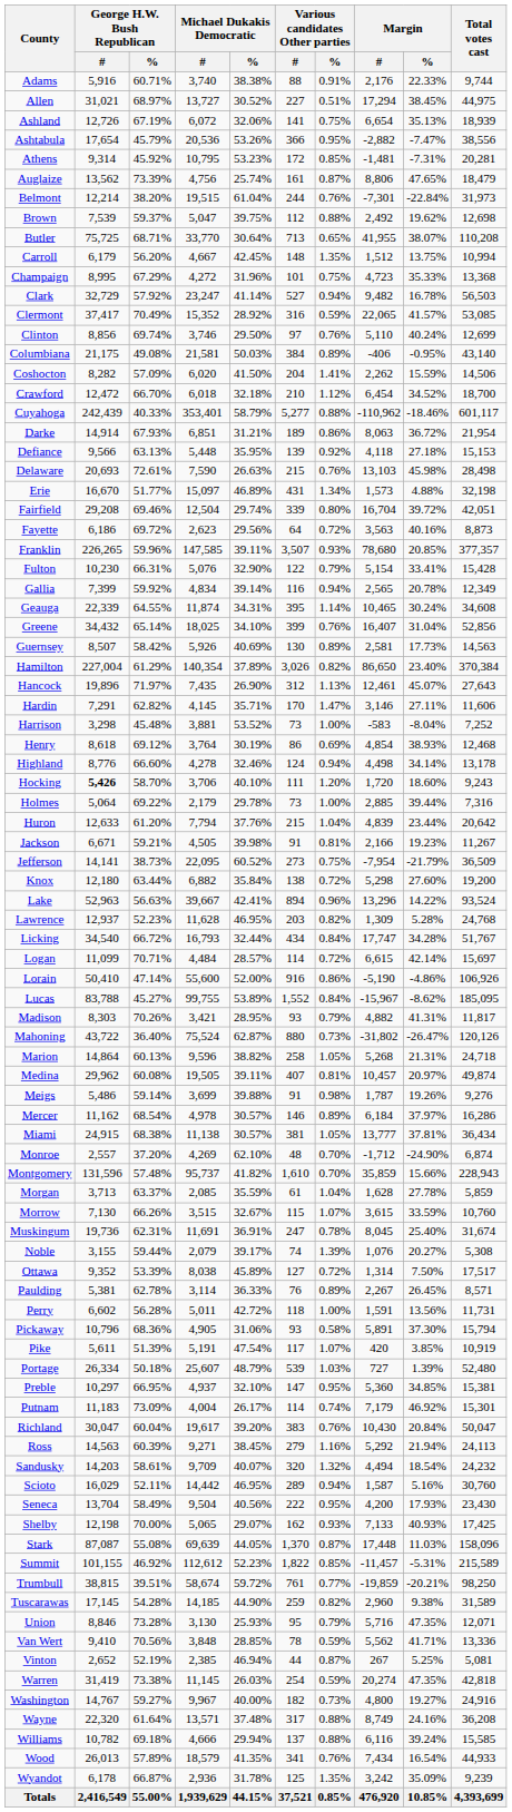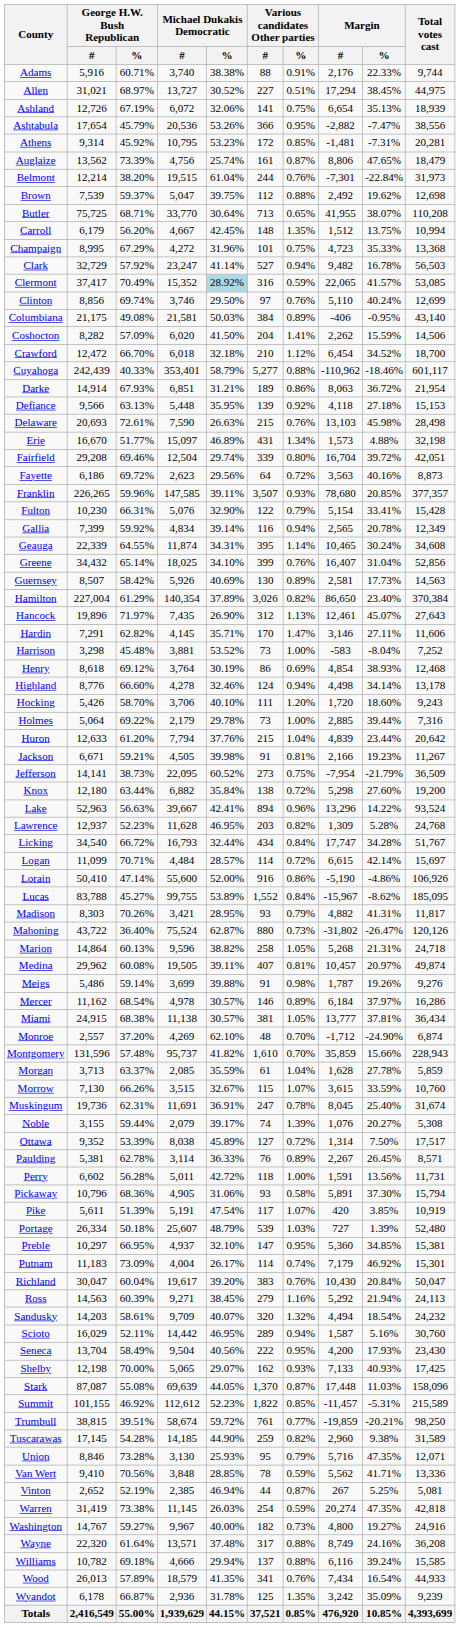 <table width="65%"  class="wikitable sortable" style="text-align:center">
 <tr>
 <th style="text-align:center;" rowspan="2">County</th>
 <th style="text-align:center;" colspan="2">George H.W. Bush<br>Republican</th>
 <th style="text-align:center;" colspan="2">Michael Dukakis<br>Democratic</th>
 <th style="text-align:center;" colspan="2">Various candidates<br>Other parties</th>
 <th style="text-align:center;" colspan="2">Margin</th>
 <th style="text-align:center;" rowspan="2">Total votes cast</th>
 </tr>
 <tr>
 <th style="text-align:center;" data-sort-type="number">#</th>
 <th style="text-align:center;" data-sort-type="number">%</th>
 <th style="text-align:center;" data-sort-type="number">#</th>
 <th style="text-align:center;" data-sort-type="number">%</th>
 <th style="text-align:center;" data-sort-type="number">#</th>
 <th style="text-align:center;" data-sort-type="number">%</th>
 <th style="text-align:center;" data-sort-type="number">#</th>
 <th style="text-align:center;" data-sort-type="number">%</th>
 </tr>
 <tr style="text-align:center;">
 <td><a href='#'>Adams</a></td>
 <td>5,916</td>
 <td>60.71%</td>
 <td>3,740</td>
 <td>38.38%</td>
 <td>88</td>
 <td>0.91%</td>
 <td>2,176</td>
 <td>22.33%</td>
 <td>9,744</td>
 </tr>
 <tr style="text-align:center;">
 <td><a href='#'>Allen</a></td>
 <td>31,021</td>
 <td>68.97%</td>
 <td>13,727</td>
 <td>30.52%</td>
 <td>227</td>
 <td>0.51%</td>
 <td>17,294</td>
 <td>38.45%</td>
 <td>44,975</td>
 </tr>
 <tr style="text-align:center;">
 <td><a href='#'>Ashland</a></td>
 <td>12,726</td>
 <td>67.19%</td>
 <td>6,072</td>
 <td>32.06%</td>
 <td>141</td>
 <td>0.75%</td>
 <td>6,654</td>
 <td>35.13%</td>
 <td>18,939</td>
 </tr>
 <tr style="text-align:center;">
 <td><a href='#'>Ashtabula</a></td>
 <td>17,654</td>
 <td>45.79%</td>
 <td>20,536</td>
 <td>53.26%</td>
 <td>366</td>
 <td>0.95%</td>
 <td>-2,882</td>
 <td>-7.47%</td>
 <td>38,556</td>
 </tr>
 <tr style="text-align:center;">
 <td><a href='#'>Athens</a></td>
 <td>9,314</td>
 <td>45.92%</td>
 <td>10,795</td>
 <td>53.23%</td>
 <td>172</td>
 <td>0.85%</td>
 <td>-1,481</td>
 <td>-7.31%</td>
 <td>20,281</td>
 </tr>
 <tr style="text-align:center;">
 <td><a href='#'>Auglaize</a></td>
 <td>13,562</td>
 <td>73.39%</td>
 <td>4,756</td>
 <td>25.74%</td>
 <td>161</td>
 <td>0.87%</td>
 <td>8,806</td>
 <td>47.65%</td>
 <td>18,479</td>
 </tr>
 <tr style="text-align:center;">
 <td><a href='#'>Belmont</a></td>
 <td>12,214</td>
 <td>38.20%</td>
 <td>19,515</td>
 <td>61.04%</td>
 <td>244</td>
 <td>0.76%</td>
 <td>-7,301</td>
 <td>-22.84%</td>
 <td>31,973</td>
 </tr>
 <tr style="text-align:center;">
 <td><a href='#'>Brown</a></td>
 <td>7,539</td>
 <td>59.37%</td>
 <td>5,047</td>
 <td>39.75%</td>
 <td>112</td>
 <td>0.88%</td>
 <td>2,492</td>
 <td>19.62%</td>
 <td>12,698</td>
 </tr>
 <tr style="text-align:center;">
 <td><a href='#'>Butler</a></td>
 <td>75,725</td>
 <td>68.71%</td>
 <td>33,770</td>
 <td>30.64%</td>
 <td>713</td>
 <td>0.65%</td>
 <td>41,955</td>
 <td>38.07%</td>
 <td>110,208</td>
 </tr>
 <tr style="text-align:center;">
 <td><a href='#'>Carroll</a></td>
 <td>6,179</td>
 <td>56.20%</td>
 <td>4,667</td>
 <td>42.45%</td>
 <td>148</td>
 <td>1.35%</td>
 <td>1,512</td>
 <td>13.75%</td>
 <td>10,994</td>
 </tr>
 <tr style="text-align:center;">
 <td><a href='#'>Champaign</a></td>
 <td>8,995</td>
 <td>67.29%</td>
 <td>4,272</td>
 <td>31.96%</td>
 <td>101</td>
 <td>0.75%</td>
 <td>4,723</td>
 <td>35.33%</td>
 <td>13,368</td>
 </tr>
 <tr style="text-align:center;">
 <td><a href='#'>Clark</a></td>
 <td>32,729</td>
 <td>57.92%</td>
 <td>23,247</td>
 <td>41.14%</td>
 <td>527</td>
 <td>0.94%</td>
 <td>9,482</td>
 <td>16.78%</td>
 <td>56,503</td>
 </tr>
 <tr style="text-align:center;">
 <td><a href='#'>Clermont</a></td>
 <td>37,417</td>
 <td>70.49%</td>
 <td>15,352</td>
-<td>28.92%</td>
+<td style="background: lightblue;">28.92%</td>
 <td>316</td>
 <td>0.59%</td>
 <td>22,065</td>
 <td>41.57%</td>
 <td>53,085</td>
 </tr>
 <tr style="text-align:center;">
 <td><a href='#'>Clinton</a></td>
 <td>8,856</td>
 <td>69.74%</td>
 <td>3,746</td>
 <td>29.50%</td>
 <td>97</td>
 <td>0.76%</td>
 <td>5,110</td>
 <td>40.24%</td>
 <td>12,699</td>
 </tr>
 <tr style="text-align:center;">
 <td><a href='#'>Columbiana</a></td>
 <td>21,175</td>
 <td>49.08%</td>
 <td>21,581</td>
 <td>50.03%</td>
 <td>384</td>
 <td>0.89%</td>
 <td>-406</td>
 <td>-0.95%</td>
 <td>43,140</td>
 </tr>
 <tr style="text-align:center;">
 <td><a href='#'>Coshocton</a></td>
 <td>8,282</td>
 <td>57.09%</td>
 <td>6,020</td>
 <td>41.50%</td>
 <td>204</td>
 <td>1.41%</td>
 <td>2,262</td>
 <td>15.59%</td>
 <td>14,506</td>
 </tr>
 <tr style="text-align:center;">
 <td><a href='#'>Crawford</a></td>
 <td>12,472</td>
 <td>66.70%</td>
 <td>6,018</td>
 <td>32.18%</td>
 <td>210</td>
 <td>1.12%</td>
 <td>6,454</td>
 <td>34.52%</td>
 <td>18,700</td>
 </tr>
 <tr style="text-align:center;">
 <td><a href='#'>Cuyahoga</a></td>
 <td>242,439</td>
 <td>40.33%</td>
 <td>353,401</td>
 <td>58.79%</td>
 <td>5,277</td>
 <td>0.88%</td>
 <td>-110,962</td>
 <td>-18.46%</td>
 <td>601,117</td>
 </tr>
 <tr style="text-align:center;">
 <td><a href='#'>Darke</a></td>
 <td>14,914</td>
 <td>67.93%</td>
 <td>6,851</td>
 <td>31.21%</td>
 <td>189</td>
 <td>0.86%</td>
 <td>8,063</td>
 <td>36.72%</td>
 <td>21,954</td>
 </tr>
 <tr style="text-align:center;">
 <td><a href='#'>Defiance</a></td>
 <td>9,566</td>
 <td>63.13%</td>
 <td>5,448</td>
 <td>35.95%</td>
 <td>139</td>
 <td>0.92%</td>
 <td>4,118</td>
 <td>27.18%</td>
 <td>15,153</td>
 </tr>
 <tr style="text-align:center;">
 <td><a href='#'>Delaware</a></td>
 <td>20,693</td>
 <td>72.61%</td>
 <td>7,590</td>
 <td>26.63%</td>
 <td>215</td>
 <td>0.76%</td>
 <td>13,103</td>
 <td>45.98%</td>
 <td>28,498</td>
 </tr>
 <tr style="text-align:center;">
 <td><a href='#'>Erie</a></td>
 <td>16,670</td>
 <td>51.77%</td>
 <td>15,097</td>
 <td>46.89%</td>
 <td>431</td>
 <td>1.34%</td>
 <td>1,573</td>
 <td>4.88%</td>
 <td>32,198</td>
 </tr>
 <tr style="text-align:center;">
 <td><a href='#'>Fairfield</a></td>
 <td>29,208</td>
 <td>69.46%</td>
 <td>12,504</td>
 <td>29.74%</td>
 <td>339</td>
 <td>0.80%</td>
 <td>16,704</td>
 <td>39.72%</td>
 <td>42,051</td>
 </tr>
 <tr style="text-align:center;">
 <td><a href='#'>Fayette</a></td>
 <td>6,186</td>
 <td>69.72%</td>
 <td>2,623</td>
 <td>29.56%</td>
 <td>64</td>
 <td>0.72%</td>
 <td>3,563</td>
 <td>40.16%</td>
 <td>8,873</td>
 </tr>
 <tr style="text-align:center;">
 <td><a href='#'>Franklin</a></td>
 <td>226,265</td>
 <td>59.96%</td>
 <td>147,585</td>
 <td>39.11%</td>
 <td>3,507</td>
 <td>0.93%</td>
 <td>78,680</td>
 <td>20.85%</td>
 <td>377,357</td>
 </tr>
 <tr style="text-align:center;">
 <td><a href='#'>Fulton</a></td>
 <td>10,230</td>
 <td>66.31%</td>
 <td>5,076</td>
 <td>32.90%</td>
 <td>122</td>
 <td>0.79%</td>
 <td>5,154</td>
 <td>33.41%</td>
 <td>15,428</td>
 </tr>
 <tr style="text-align:center;">
 <td><a href='#'>Gallia</a></td>
 <td>7,399</td>
 <td>59.92%</td>
 <td>4,834</td>
 <td>39.14%</td>
 <td>116</td>
 <td>0.94%</td>
 <td>2,565</td>
 <td>20.78%</td>
 <td>12,349</td>
 </tr>
 <tr style="text-align:center;">
 <td><a href='#'>Geauga</a></td>
 <td>22,339</td>
 <td>64.55%</td>
 <td>11,874</td>
 <td>34.31%</td>
 <td>395</td>
 <td>1.14%</td>
 <td>10,465</td>
 <td>30.24%</td>
 <td>34,608</td>
 </tr>
 <tr style="text-align:center;">
 <td><a href='#'>Greene</a></td>
 <td>34,432</td>
 <td>65.14%</td>
 <td>18,025</td>
 <td>34.10%</td>
 <td>399</td>
 <td>0.76%</td>
 <td>16,407</td>
 <td>31.04%</td>
 <td>52,856</td>
 </tr>
 <tr style="text-align:center;">
 <td><a href='#'>Guernsey</a></td>
 <td>8,507</td>
 <td>58.42%</td>
 <td>5,926</td>
 <td>40.69%</td>
 <td>130</td>
 <td>0.89%</td>
 <td>2,581</td>
 <td>17.73%</td>
 <td>14,563</td>
 </tr>
 <tr style="text-align:center;">
 <td><a href='#'>Hamilton</a></td>
 <td>227,004</td>
 <td>61.29%</td>
 <td>140,354</td>
 <td>37.89%</td>
 <td>3,026</td>
 <td>0.82%</td>
 <td>86,650</td>
 <td>23.40%</td>
 <td>370,384</td>
 </tr>
 <tr style="text-align:center;">
 <td><a href='#'>Hancock</a></td>
 <td>19,896</td>
 <td>71.97%</td>
 <td>7,435</td>
 <td>26.90%</td>
 <td>312</td>
 <td>1.13%</td>
 <td>12,461</td>
 <td>45.07%</td>
 <td>27,643</td>
 </tr>
 <tr style="text-align:center;">
 <td><a href='#'>Hardin</a></td>
 <td>7,291</td>
 <td>62.82%</td>
 <td>4,145</td>
 <td>35.71%</td>
 <td>170</td>
 <td>1.47%</td>
 <td>3,146</td>
 <td>27.11%</td>
 <td>11,606</td>
 </tr>
 <tr style="text-align:center;">
 <td><a href='#'>Harrison</a></td>
 <td>3,298</td>
 <td>45.48%</td>
 <td>3,881</td>
 <td>53.52%</td>
 <td>73</td>
 <td>1.00%</td>
 <td>-583</td>
 <td>-8.04%</td>
 <td>7,252</td>
 </tr>
 <tr style="text-align:center;">
 <td><a href='#'>Henry</a></td>
 <td>8,618</td>
 <td>69.12%</td>
 <td>3,764</td>
 <td>30.19%</td>
 <td>86</td>
 <td>0.69%</td>
 <td>4,854</td>
 <td>38.93%</td>
 <td>12,468</td>
 </tr>
 <tr style="text-align:center;">
 <td><a href='#'>Highland</a></td>
 <td>8,776</td>
 <td>66.60%</td>
 <td>4,278</td>
 <td>32.46%</td>
 <td>124</td>
 <td>0.94%</td>
 <td>4,498</td>
 <td>34.14%</td>
 <td>13,178</td>
 </tr>
 <tr style="text-align:center;">
 <td><a href='#'>Hocking</a></td>
-<td><strong>5,426</strong></td>
+<td>5,426</td>
 <td>58.70%</td>
 <td>3,706</td>
 <td>40.10%</td>
 <td>111</td>
 <td>1.20%</td>
 <td>1,720</td>
 <td>18.60%</td>
 <td>9,243</td>
 </tr>
 <tr style="text-align:center;">
 <td><a href='#'>Holmes</a></td>
 <td>5,064</td>
 <td>69.22%</td>
 <td>2,179</td>
 <td>29.78%</td>
 <td>73</td>
 <td>1.00%</td>
 <td>2,885</td>
 <td>39.44%</td>
 <td>7,316</td>
 </tr>
 <tr style="text-align:center;">
 <td><a href='#'>Huron</a></td>
 <td>12,633</td>
 <td>61.20%</td>
 <td>7,794</td>
 <td>37.76%</td>
 <td>215</td>
 <td>1.04%</td>
 <td>4,839</td>
 <td>23.44%</td>
 <td>20,642</td>
 </tr>
 <tr style="text-align:center;">
 <td><a href='#'>Jackson</a></td>
 <td>6,671</td>
 <td>59.21%</td>
 <td>4,505</td>
 <td>39.98%</td>
 <td>91</td>
 <td>0.81%</td>
 <td>2,166</td>
 <td>19.23%</td>
 <td>11,267</td>
 </tr>
 <tr style="text-align:center;">
 <td><a href='#'>Jefferson</a></td>
 <td>14,141</td>
 <td>38.73%</td>
 <td>22,095</td>
 <td>60.52%</td>
 <td>273</td>
 <td>0.75%</td>
 <td>-7,954</td>
 <td>-21.79%</td>
 <td>36,509</td>
 </tr>
 <tr style="text-align:center;">
 <td><a href='#'>Knox</a></td>
 <td>12,180</td>
 <td>63.44%</td>
 <td>6,882</td>
 <td>35.84%</td>
 <td>138</td>
 <td>0.72%</td>
 <td>5,298</td>
 <td>27.60%</td>
 <td>19,200</td>
 </tr>
 <tr style="text-align:center;">
 <td><a href='#'>Lake</a></td>
 <td>52,963</td>
 <td>56.63%</td>
 <td>39,667</td>
 <td>42.41%</td>
 <td>894</td>
 <td>0.96%</td>
 <td>13,296</td>
 <td>14.22%</td>
 <td>93,524</td>
 </tr>
 <tr style="text-align:center;">
 <td><a href='#'>Lawrence</a></td>
 <td>12,937</td>
 <td>52.23%</td>
 <td>11,628</td>
 <td>46.95%</td>
 <td>203</td>
 <td>0.82%</td>
 <td>1,309</td>
 <td>5.28%</td>
 <td>24,768</td>
 </tr>
 <tr style="text-align:center;">
 <td><a href='#'>Licking</a></td>
 <td>34,540</td>
 <td>66.72%</td>
 <td>16,793</td>
 <td>32.44%</td>
 <td>434</td>
 <td>0.84%</td>
 <td>17,747</td>
 <td>34.28%</td>
 <td>51,767</td>
 </tr>
 <tr style="text-align:center;">
 <td><a href='#'>Logan</a></td>
 <td>11,099</td>
 <td>70.71%</td>
 <td>4,484</td>
 <td>28.57%</td>
 <td>114</td>
 <td>0.72%</td>
 <td>6,615</td>
 <td>42.14%</td>
 <td>15,697</td>
 </tr>
 <tr style="text-align:center;">
 <td><a href='#'>Lorain</a></td>
 <td>50,410</td>
 <td>47.14%</td>
 <td>55,600</td>
 <td>52.00%</td>
 <td>916</td>
 <td>0.86%</td>
 <td>-5,190</td>
 <td>-4.86%</td>
 <td>106,926</td>
 </tr>
 <tr style="text-align:center;">
 <td><a href='#'>Lucas</a></td>
 <td>83,788</td>
 <td>45.27%</td>
 <td>99,755</td>
 <td>53.89%</td>
 <td>1,552</td>
 <td>0.84%</td>
 <td>-15,967</td>
 <td>-8.62%</td>
 <td>185,095</td>
 </tr>
 <tr style="text-align:center;">
 <td><a href='#'>Madison</a></td>
 <td>8,303</td>
 <td>70.26%</td>
 <td>3,421</td>
 <td>28.95%</td>
 <td>93</td>
 <td>0.79%</td>
 <td>4,882</td>
 <td>41.31%</td>
 <td>11,817</td>
 </tr>
 <tr style="text-align:center;">
 <td><a href='#'>Mahoning</a></td>
 <td>43,722</td>
 <td>36.40%</td>
 <td>75,524</td>
 <td>62.87%</td>
 <td>880</td>
 <td>0.73%</td>
 <td>-31,802</td>
 <td>-26.47%</td>
 <td>120,126</td>
 </tr>
 <tr style="text-align:center;">
 <td><a href='#'>Marion</a></td>
 <td>14,864</td>
 <td>60.13%</td>
 <td>9,596</td>
 <td>38.82%</td>
 <td>258</td>
 <td>1.05%</td>
 <td>5,268</td>
 <td>21.31%</td>
 <td>24,718</td>
 </tr>
 <tr style="text-align:center;">
 <td><a href='#'>Medina</a></td>
 <td>29,962</td>
 <td>60.08%</td>
 <td>19,505</td>
 <td>39.11%</td>
 <td>407</td>
 <td>0.81%</td>
 <td>10,457</td>
 <td>20.97%</td>
 <td>49,874</td>
 </tr>
 <tr style="text-align:center;">
 <td><a href='#'>Meigs</a></td>
 <td>5,486</td>
 <td>59.14%</td>
 <td>3,699</td>
 <td>39.88%</td>
 <td>91</td>
 <td>0.98%</td>
 <td>1,787</td>
 <td>19.26%</td>
 <td>9,276</td>
 </tr>
 <tr style="text-align:center;">
 <td><a href='#'>Mercer</a></td>
 <td>11,162</td>
 <td>68.54%</td>
 <td>4,978</td>
 <td>30.57%</td>
 <td>146</td>
 <td>0.89%</td>
 <td>6,184</td>
 <td>37.97%</td>
 <td>16,286</td>
 </tr>
 <tr style="text-align:center;">
 <td><a href='#'>Miami</a></td>
 <td>24,915</td>
 <td>68.38%</td>
 <td>11,138</td>
 <td>30.57%</td>
 <td>381</td>
 <td>1.05%</td>
 <td>13,777</td>
 <td>37.81%</td>
 <td>36,434</td>
 </tr>
 <tr style="text-align:center;">
 <td><a href='#'>Monroe</a></td>
 <td>2,557</td>
 <td>37.20%</td>
 <td>4,269</td>
 <td>62.10%</td>
 <td>48</td>
 <td>0.70%</td>
 <td>-1,712</td>
 <td>-24.90%</td>
 <td>6,874</td>
 </tr>
 <tr style="text-align:center;">
 <td><a href='#'>Montgomery</a></td>
 <td>131,596</td>
 <td>57.48%</td>
 <td>95,737</td>
 <td>41.82%</td>
 <td>1,610</td>
 <td>0.70%</td>
 <td>35,859</td>
 <td>15.66%</td>
 <td>228,943</td>
 </tr>
 <tr style="text-align:center;">
 <td><a href='#'>Morgan</a></td>
 <td>3,713</td>
 <td>63.37%</td>
 <td>2,085</td>
 <td>35.59%</td>
 <td>61</td>
 <td>1.04%</td>
 <td>1,628</td>
 <td>27.78%</td>
 <td>5,859</td>
 </tr>
 <tr style="text-align:center;">
 <td><a href='#'>Morrow</a></td>
 <td>7,130</td>
 <td>66.26%</td>
 <td>3,515</td>
 <td>32.67%</td>
 <td>115</td>
 <td>1.07%</td>
 <td>3,615</td>
 <td>33.59%</td>
 <td>10,760</td>
 </tr>
 <tr style="text-align:center;">
 <td><a href='#'>Muskingum</a></td>
 <td>19,736</td>
 <td>62.31%</td>
 <td>11,691</td>
 <td>36.91%</td>
 <td>247</td>
 <td>0.78%</td>
 <td>8,045</td>
 <td>25.40%</td>
 <td>31,674</td>
 </tr>
 <tr style="text-align:center;">
 <td><a href='#'>Noble</a></td>
 <td>3,155</td>
 <td>59.44%</td>
 <td>2,079</td>
 <td>39.17%</td>
 <td>74</td>
 <td>1.39%</td>
 <td>1,076</td>
 <td>20.27%</td>
 <td>5,308</td>
 </tr>
 <tr style="text-align:center;">
 <td><a href='#'>Ottawa</a></td>
 <td>9,352</td>
 <td>53.39%</td>
 <td>8,038</td>
 <td>45.89%</td>
 <td>127</td>
 <td>0.72%</td>
 <td>1,314</td>
 <td>7.50%</td>
 <td>17,517</td>
 </tr>
 <tr style="text-align:center;">
 <td><a href='#'>Paulding</a></td>
 <td>5,381</td>
 <td>62.78%</td>
 <td>3,114</td>
 <td>36.33%</td>
 <td>76</td>
 <td>0.89%</td>
 <td>2,267</td>
 <td>26.45%</td>
 <td>8,571</td>
 </tr>
 <tr style="text-align:center;">
 <td><a href='#'>Perry</a></td>
 <td>6,602</td>
 <td>56.28%</td>
 <td>5,011</td>
 <td>42.72%</td>
 <td>118</td>
 <td>1.00%</td>
 <td>1,591</td>
 <td>13.56%</td>
 <td>11,731</td>
 </tr>
 <tr style="text-align:center;">
 <td><a href='#'>Pickaway</a></td>
 <td>10,796</td>
 <td>68.36%</td>
 <td>4,905</td>
 <td>31.06%</td>
 <td>93</td>
 <td>0.58%</td>
 <td>5,891</td>
 <td>37.30%</td>
 <td>15,794</td>
 </tr>
 <tr style="text-align:center;">
 <td><a href='#'>Pike</a></td>
 <td>5,611</td>
 <td>51.39%</td>
 <td>5,191</td>
 <td>47.54%</td>
 <td>117</td>
 <td>1.07%</td>
 <td>420</td>
 <td>3.85%</td>
 <td>10,919</td>
 </tr>
 <tr style="text-align:center;">
 <td><a href='#'>Portage</a></td>
 <td>26,334</td>
 <td>50.18%</td>
 <td>25,607</td>
 <td>48.79%</td>
 <td>539</td>
 <td>1.03%</td>
 <td>727</td>
 <td>1.39%</td>
 <td>52,480</td>
 </tr>
 <tr style="text-align:center;">
 <td><a href='#'>Preble</a></td>
 <td>10,297</td>
 <td>66.95%</td>
 <td>4,937</td>
 <td>32.10%</td>
 <td>147</td>
 <td>0.95%</td>
 <td>5,360</td>
 <td>34.85%</td>
 <td>15,381</td>
 </tr>
 <tr style="text-align:center;">
 <td><a href='#'>Putnam</a></td>
 <td>11,183</td>
 <td>73.09%</td>
 <td>4,004</td>
 <td>26.17%</td>
 <td>114</td>
 <td>0.74%</td>
 <td>7,179</td>
 <td>46.92%</td>
 <td>15,301</td>
 </tr>
 <tr style="text-align:center;">
 <td><a href='#'>Richland</a></td>
 <td>30,047</td>
 <td>60.04%</td>
 <td>19,617</td>
 <td>39.20%</td>
 <td>383</td>
 <td>0.76%</td>
 <td>10,430</td>
 <td>20.84%</td>
 <td>50,047</td>
 </tr>
 <tr style="text-align:center;">
 <td><a href='#'>Ross</a></td>
 <td>14,563</td>
 <td>60.39%</td>
 <td>9,271</td>
 <td>38.45%</td>
 <td>279</td>
 <td>1.16%</td>
 <td>5,292</td>
 <td>21.94%</td>
 <td>24,113</td>
 </tr>
 <tr style="text-align:center;">
 <td><a href='#'>Sandusky</a></td>
 <td>14,203</td>
 <td>58.61%</td>
 <td>9,709</td>
 <td>40.07%</td>
 <td>320</td>
 <td>1.32%</td>
 <td>4,494</td>
 <td>18.54%</td>
 <td>24,232</td>
 </tr>
 <tr style="text-align:center;">
 <td><a href='#'>Scioto</a></td>
 <td>16,029</td>
 <td>52.11%</td>
 <td>14,442</td>
 <td>46.95%</td>
 <td>289</td>
 <td>0.94%</td>
 <td>1,587</td>
 <td>5.16%</td>
 <td>30,760</td>
 </tr>
 <tr style="text-align:center;">
 <td><a href='#'>Seneca</a></td>
 <td>13,704</td>
 <td>58.49%</td>
 <td>9,504</td>
 <td>40.56%</td>
 <td>222</td>
 <td>0.95%</td>
 <td>4,200</td>
 <td>17.93%</td>
 <td>23,430</td>
 </tr>
 <tr style="text-align:center;">
 <td><a href='#'>Shelby</a></td>
 <td>12,198</td>
 <td>70.00%</td>
 <td>5,065</td>
 <td>29.07%</td>
 <td>162</td>
 <td>0.93%</td>
 <td>7,133</td>
 <td>40.93%</td>
 <td>17,425</td>
 </tr>
 <tr style="text-align:center;">
 <td><a href='#'>Stark</a></td>
 <td>87,087</td>
 <td>55.08%</td>
 <td>69,639</td>
 <td>44.05%</td>
 <td>1,370</td>
 <td>0.87%</td>
 <td>17,448</td>
 <td>11.03%</td>
 <td>158,096</td>
 </tr>
 <tr style="text-align:center;">
 <td><a href='#'>Summit</a></td>
 <td>101,155</td>
 <td>46.92%</td>
 <td>112,612</td>
 <td>52.23%</td>
 <td>1,822</td>
 <td>0.85%</td>
 <td>-11,457</td>
 <td>-5.31%</td>
 <td>215,589</td>
 </tr>
 <tr style="text-align:center;">
 <td><a href='#'>Trumbull</a></td>
 <td>38,815</td>
 <td>39.51%</td>
 <td>58,674</td>
 <td>59.72%</td>
 <td>761</td>
 <td>0.77%</td>
 <td>-19,859</td>
 <td>-20.21%</td>
 <td>98,250</td>
 </tr>
 <tr style="text-align:center;">
 <td><a href='#'>Tuscarawas</a></td>
 <td>17,145</td>
 <td>54.28%</td>
 <td>14,185</td>
 <td>44.90%</td>
 <td>259</td>
 <td>0.82%</td>
 <td>2,960</td>
 <td>9.38%</td>
 <td>31,589</td>
 </tr>
 <tr style="text-align:center;">
 <td><a href='#'>Union</a></td>
 <td>8,846</td>
 <td>73.28%</td>
 <td>3,130</td>
 <td>25.93%</td>
 <td>95</td>
 <td>0.79%</td>
 <td>5,716</td>
 <td>47.35%</td>
 <td>12,071</td>
 </tr>
 <tr style="text-align:center;">
 <td><a href='#'>Van Wert</a></td>
 <td>9,410</td>
 <td>70.56%</td>
 <td>3,848</td>
 <td>28.85%</td>
 <td>78</td>
 <td>0.59%</td>
 <td>5,562</td>
 <td>41.71%</td>
 <td>13,336</td>
 </tr>
 <tr style="text-align:center;">
 <td><a href='#'>Vinton</a></td>
 <td>2,652</td>
 <td>52.19%</td>
 <td>2,385</td>
 <td>46.94%</td>
 <td>44</td>
 <td>0.87%</td>
 <td>267</td>
 <td>5.25%</td>
 <td>5,081</td>
 </tr>
 <tr style="text-align:center;">
 <td><a href='#'>Warren</a></td>
 <td>31,419</td>
 <td>73.38%</td>
 <td>11,145</td>
 <td>26.03%</td>
 <td>254</td>
 <td>0.59%</td>
 <td>20,274</td>
 <td>47.35%</td>
 <td>42,818</td>
 </tr>
 <tr style="text-align:center;">
 <td><a href='#'>Washington</a></td>
 <td>14,767</td>
 <td>59.27%</td>
 <td>9,967</td>
 <td>40.00%</td>
 <td>182</td>
 <td>0.73%</td>
 <td>4,800</td>
 <td>19.27%</td>
 <td>24,916</td>
 </tr>
 <tr style="text-align:center;">
 <td><a href='#'>Wayne</a></td>
 <td>22,320</td>
 <td>61.64%</td>
 <td>13,571</td>
 <td>37.48%</td>
 <td>317</td>
 <td>0.88%</td>
 <td>8,749</td>
 <td>24.16%</td>
 <td>36,208</td>
 </tr>
 <tr style="text-align:center;">
 <td><a href='#'>Williams</a></td>
 <td>10,782</td>
 <td>69.18%</td>
 <td>4,666</td>
 <td>29.94%</td>
 <td>137</td>
 <td>0.88%</td>
 <td>6,116</td>
 <td>39.24%</td>
 <td>15,585</td>
 </tr>
 <tr style="text-align:center;">
 <td><a href='#'>Wood</a></td>
 <td>26,013</td>
 <td>57.89%</td>
 <td>18,579</td>
 <td>41.35%</td>
 <td>341</td>
 <td>0.76%</td>
 <td>7,434</td>
 <td>16.54%</td>
 <td>44,933</td>
 </tr>
 <tr style="text-align:center;">
 <td><a href='#'>Wyandot</a></td>
 <td>6,178</td>
 <td>66.87%</td>
 <td>2,936</td>
 <td>31.78%</td>
 <td>125</td>
 <td>1.35%</td>
 <td>3,242</td>
 <td>35.09%</td>
 <td>9,239</td>
 </tr>
 <tr style="text-align:center;">
 <th>Totals</th>
 <th>2,416,549</th>
 <th>55.00%</th>
 <th>1,939,629</th>
 <th>44.15%</th>
 <th>37,521</th>
 <th>0.85%</th>
 <th>476,920</th>
 <th>10.85%</th>
 <th>4,393,699</th>
 </tr>
 </table>
